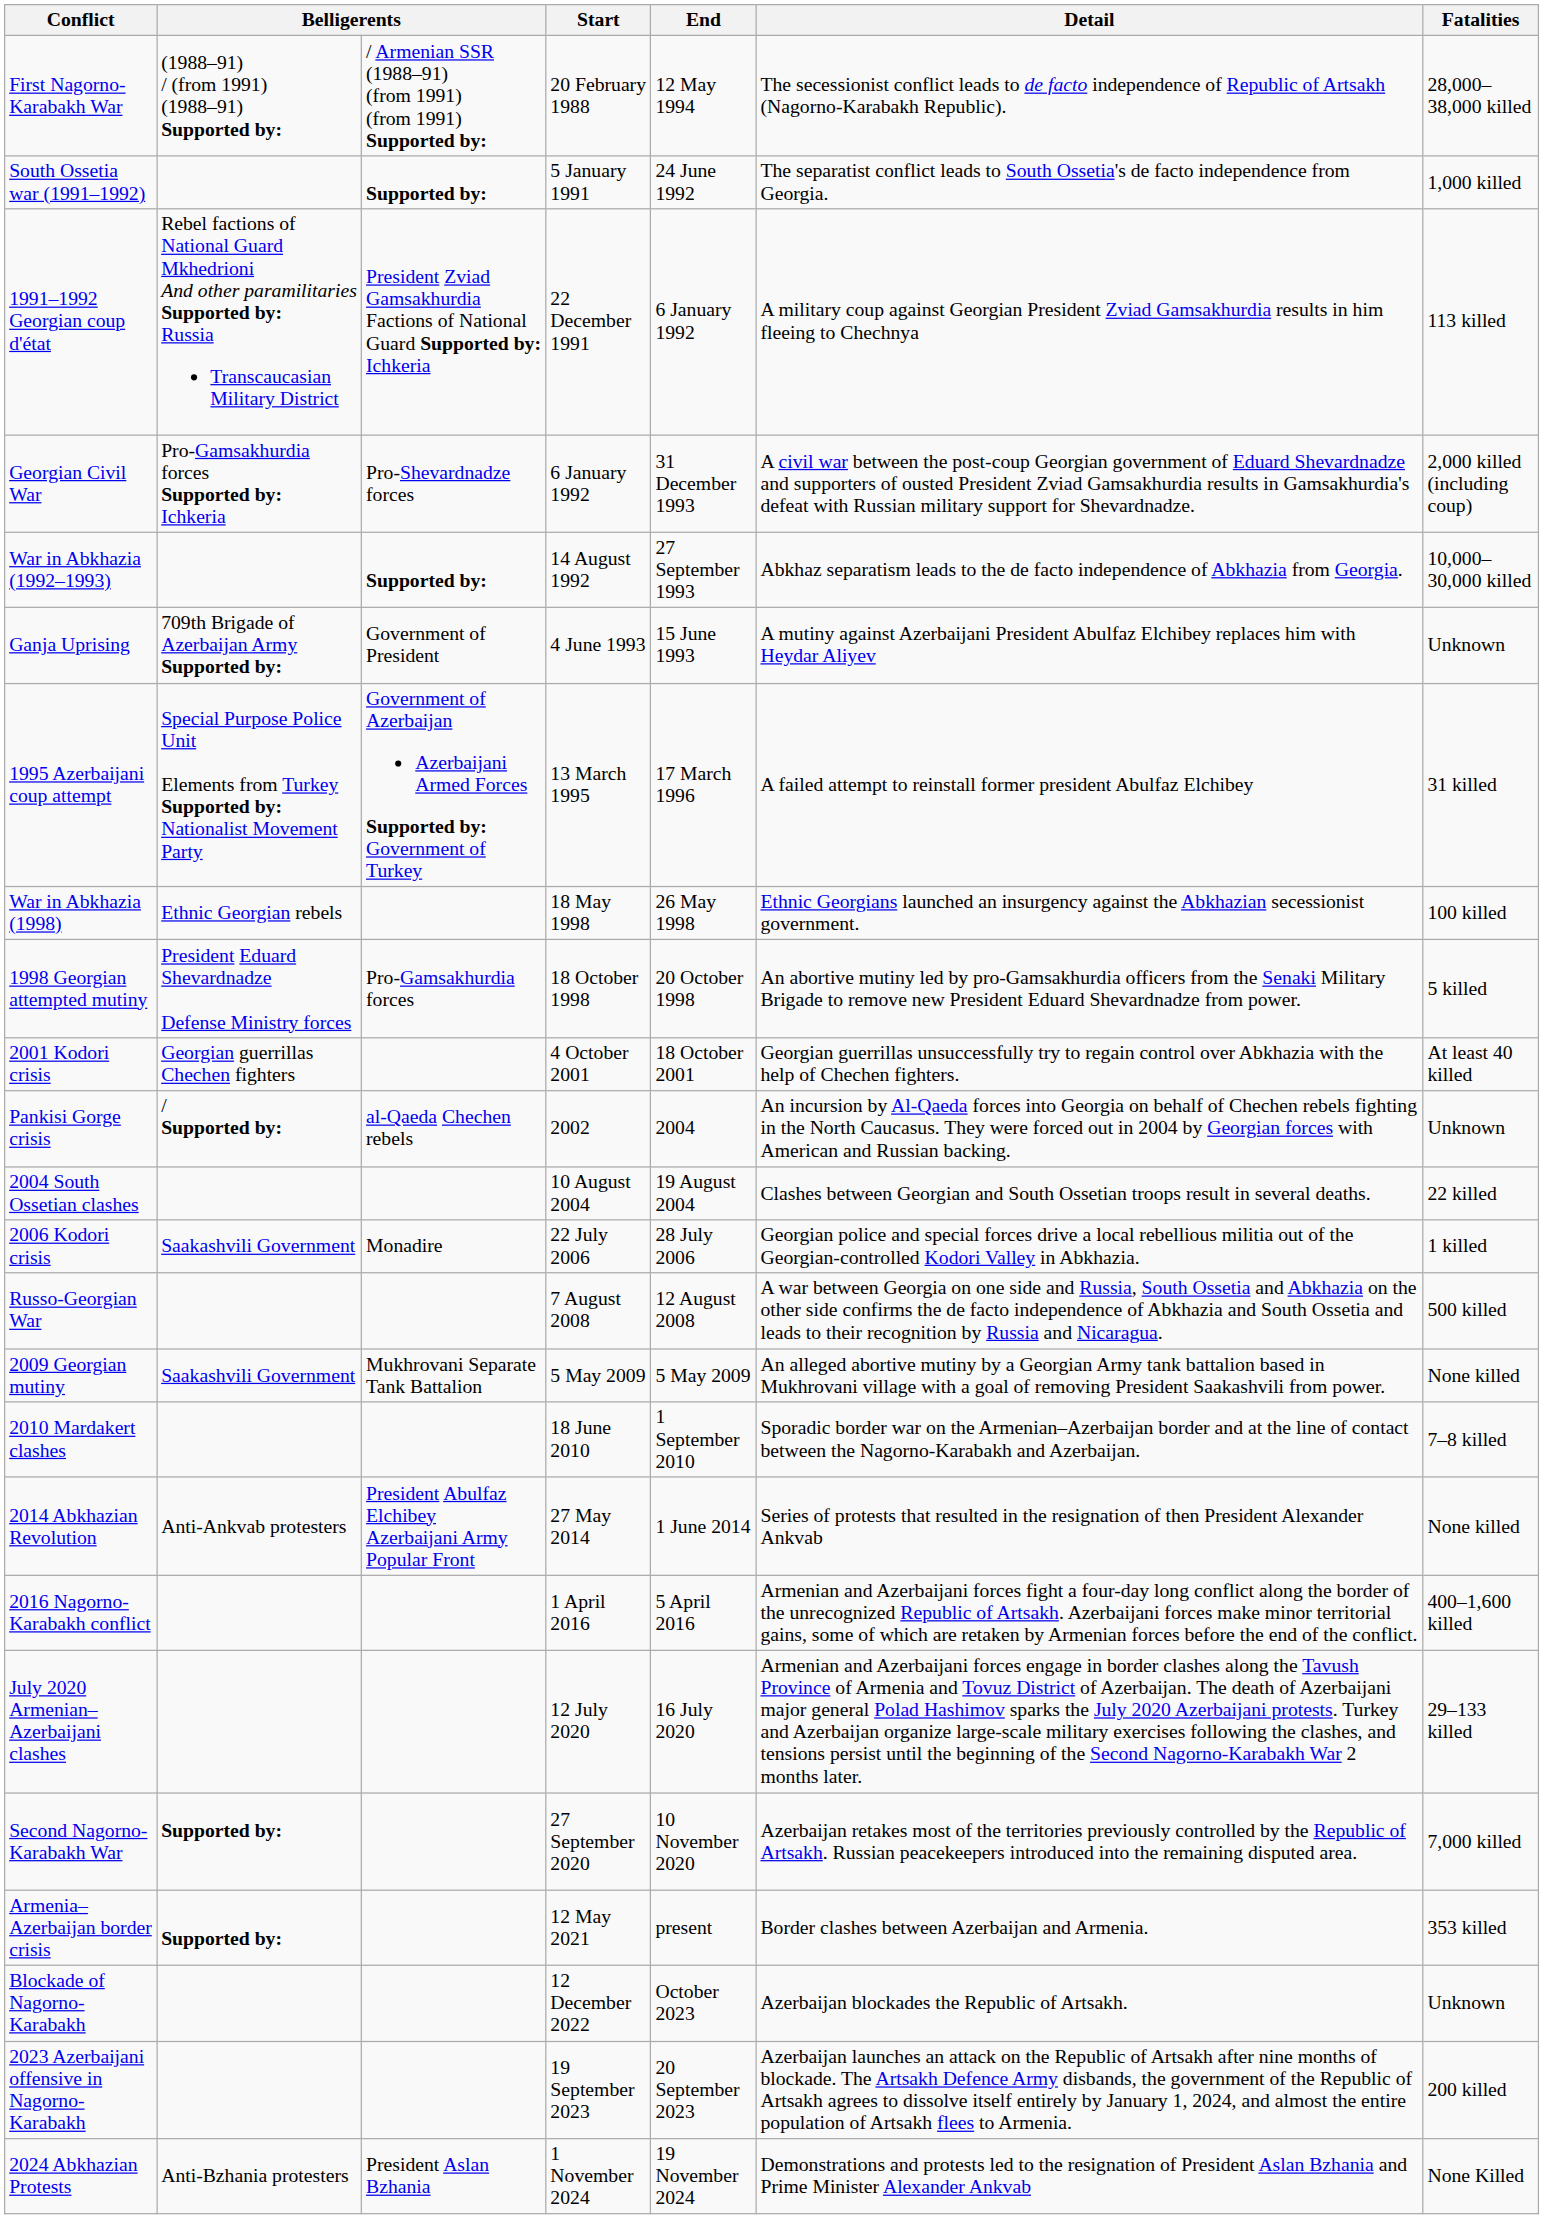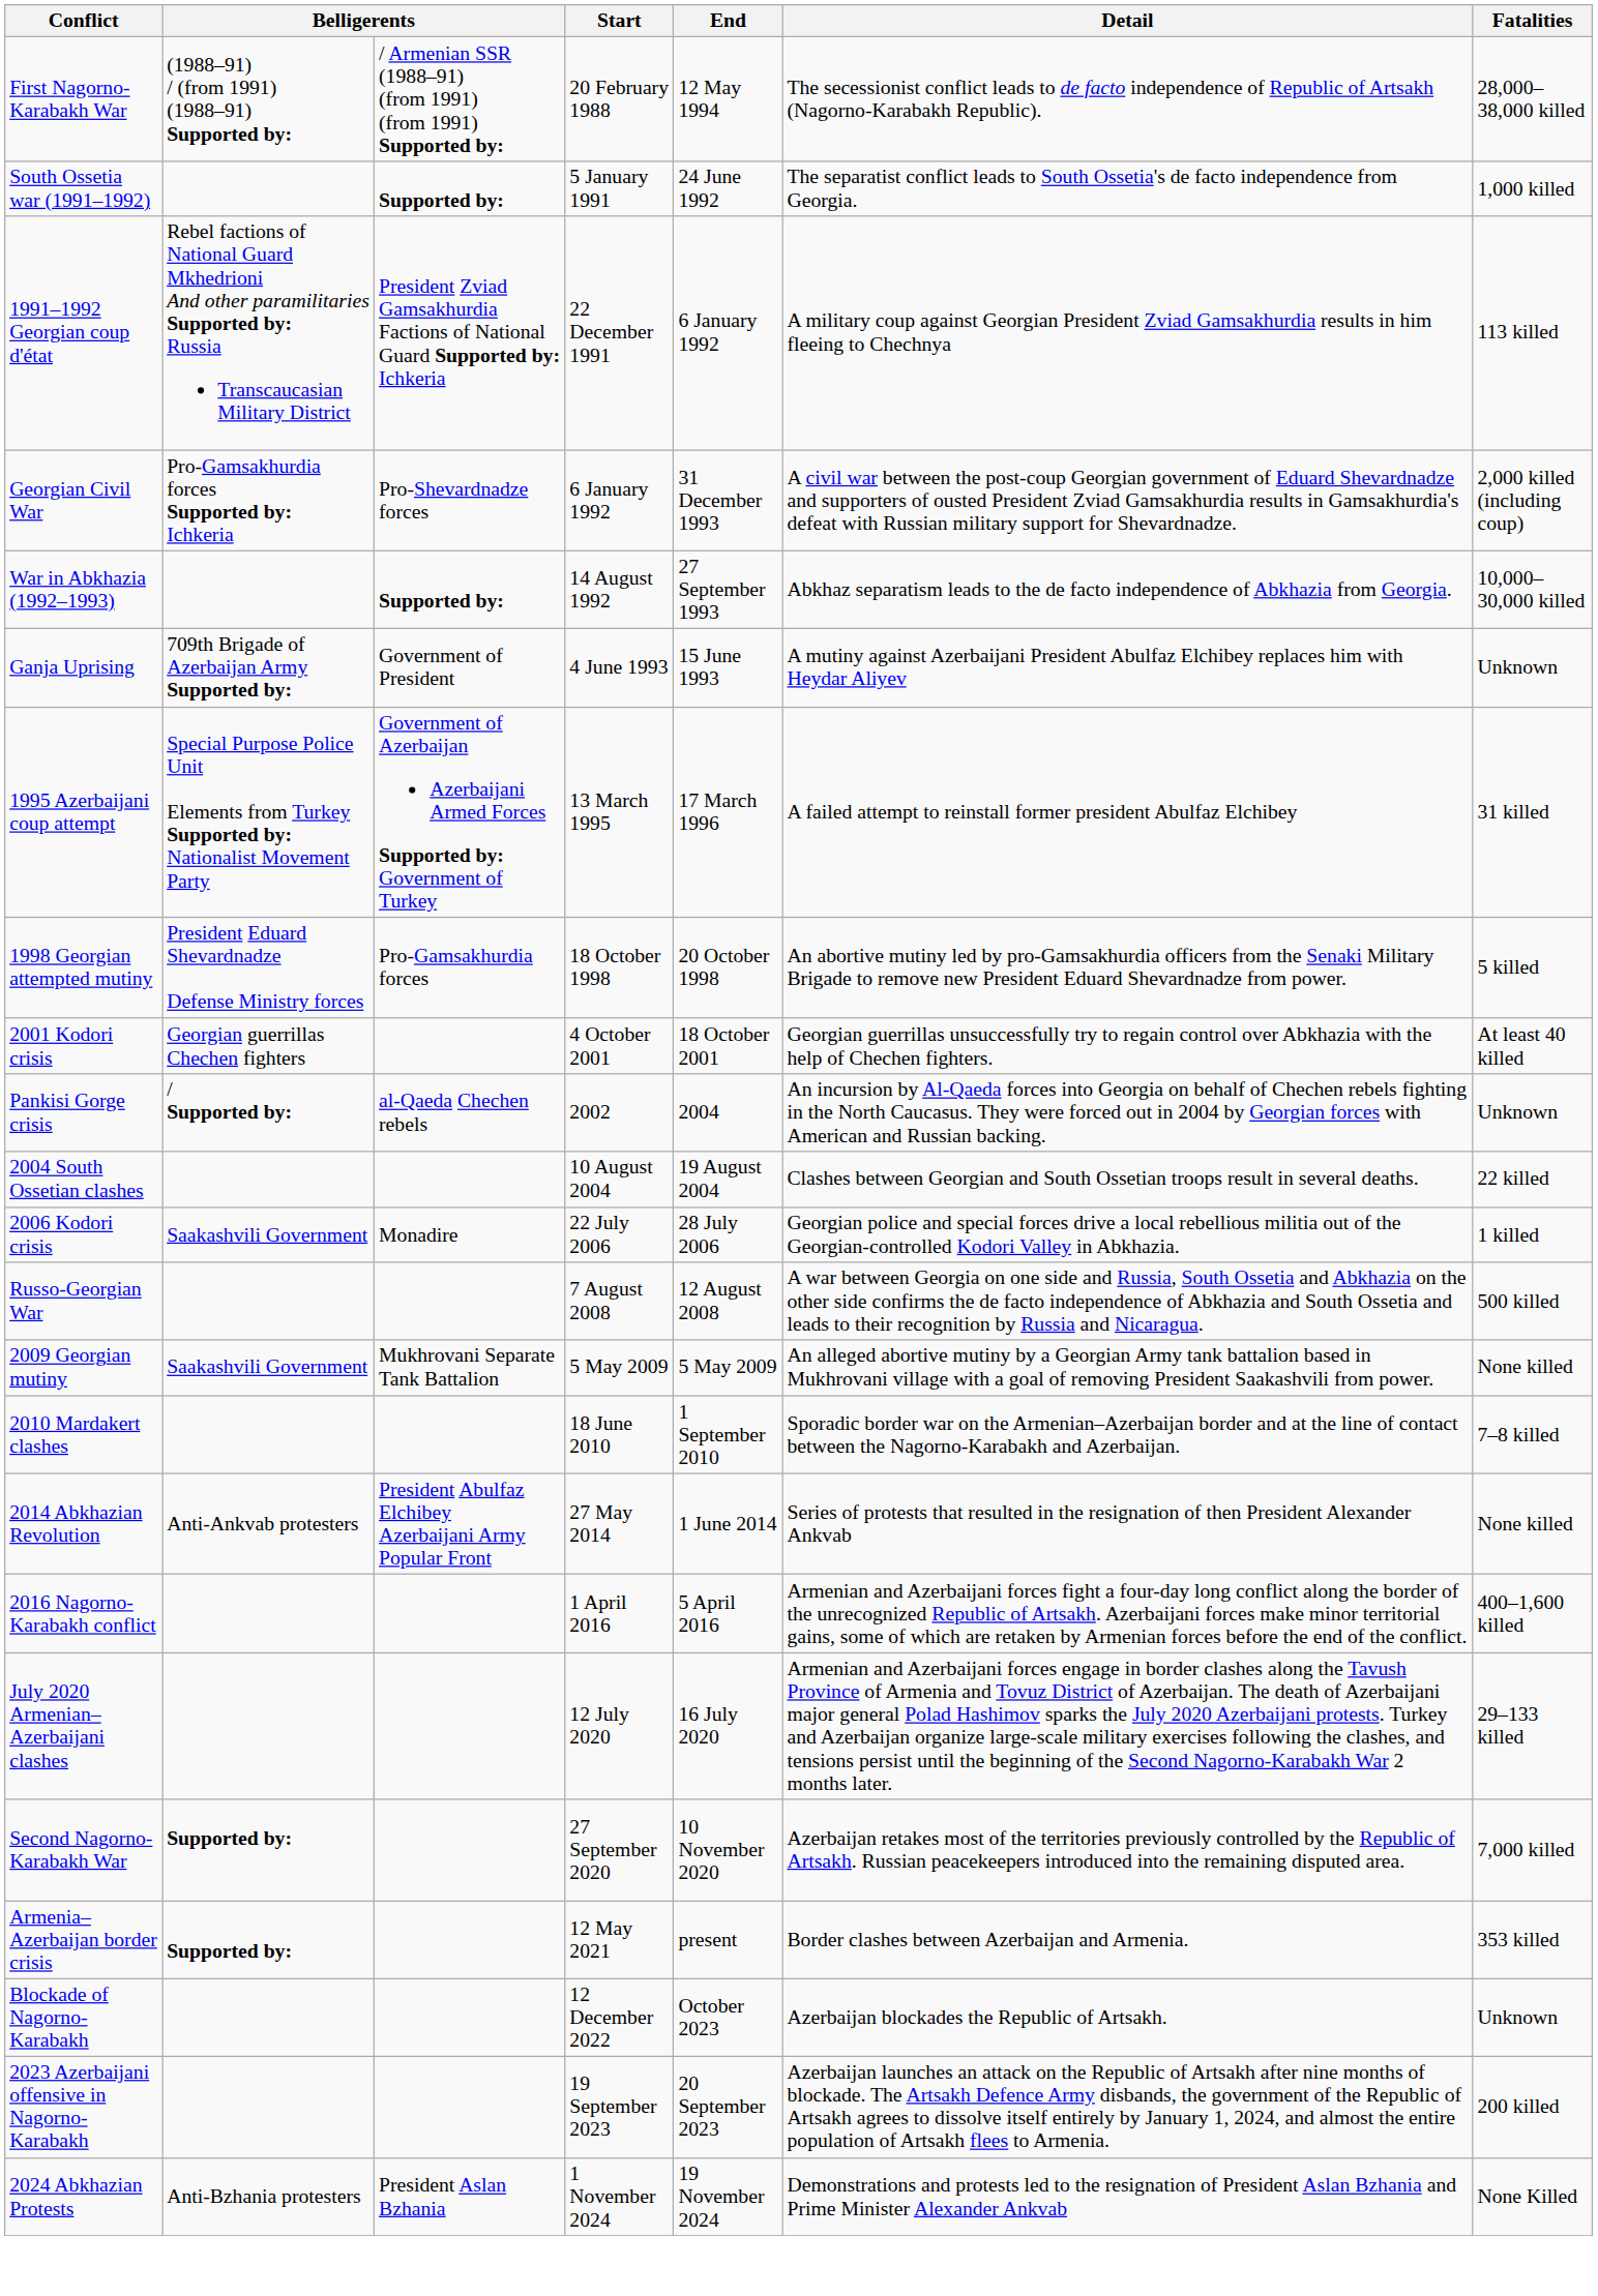 <table class="sortable wikitable">
 <tr bgcolor="#ececec" valign=top>
 <th>Conflict</th>
 <th colspan=2>Belligerents</th>
 <th>Start</th>
 <th>End</th>
 <th>Detail</th>
 <th>Fatalities</th>
 </tr>
 <tr>
 <td><a href='#'>First Nagorno-Karabakh War</a></td>
 <td> (1988–91)<br>/ (from 1991)<br> (1988–91)<br><strong>Supported by:</strong> <br> </td>
 <td>/ <a href='#'>Armenian SSR</a> (1988–91)<br> (from 1991)<br> (from 1991)<br><strong>Supported by:</strong><br></td>
 <td>20 February 1988</td>
 <td>12 May 1994</td>
 <td>The secessionist conflict leads to <em><a href='#'>de facto</a></em> independence of <a href='#'>Republic of Artsakh</a> (Nagorno-Karabakh Republic).</td>
 <td>28,000–38,000 killed</td>
 </tr>
 <tr>
 <td><a href='#'>South Ossetia war (1991–1992)</a></td>
 <td></td>
 <td><br><strong>Supported by:</strong><br></td>
 <td>5 January 1991</td>
 <td>24 June 1992</td>
 <td>The separatist conflict leads to <a href='#'>South Ossetia</a>'s de facto independence from Georgia.</td>
 <td>1,000 killed</td>
 </tr>
 <tr>
 <td><a href='#'>1991–1992 Georgian coup d'état</a></td>
 <td> Rebel factions of <a href='#'>National Guard</a><br> <a href='#'>Mkhedrioni</a><br> <em>And other paramilitaries</em> <strong>Supported by:</strong><br>  <a href='#'>Russia</a><ul><li><a href='#'>Transcaucasian Military District</a></li></ul></td>
 <td> <a href='#'>President</a> <a href='#'>Zviad Gamsakhurdia</a><br> Factions of National Guard <strong>Supported by:</strong><br>  <a href='#'>Ichkeria</a></td>
 <td>22 December 1991</td>
 <td>6 January 1992</td>
 <td>A military coup against Georgian President <a href='#'>Zviad Gamsakhurdia</a> results in him fleeing to Chechnya</td>
 <td>113 killed</td>
 </tr>
 <tr>
 <td><a href='#'>Georgian Civil War</a><br></td>
 <td> Pro-<a href='#'>Gamsakhurdia</a> forces<br><strong>Supported by:</strong><br> <a href='#'>Ichkeria</a></td>
 <td> Pro-<a href='#'>Shevardnadze</a> forces </td>
 <td>6 January 1992</td>
 <td>31 December 1993</td>
 <td>A <a href='#'>civil war</a> between the post-coup Georgian government of <a href='#'>Eduard Shevardnadze</a> and supporters of ousted President Zviad Gamsakhurdia results in Gamsakhurdia's defeat with Russian military support for Shevardnadze.</td>
 <td>2,000 killed (including coup)</td>
 </tr>
 <tr>
 <td><a href='#'>War in Abkhazia (1992–1993)</a></td>
 <td></td>
 <td><br><strong>Supported by:</strong><br></td>
 <td>14 August 1992</td>
 <td>27 September 1993</td>
 <td>Abkhaz separatism leads to the de facto independence of <a href='#'>Abkhazia</a> from <a href='#'>Georgia</a>.</td>
 <td>10,000–30,000 killed</td>
 </tr>
 <tr>
 <td><a href='#'>Ganja Uprising</a></td>
 <td> 709th Brigade of <a href='#'>Azerbaijan Army</a><br><strong>Supported by:</strong><br></td>
 <td>Government of President</td>
 <td>4 June 1993</td>
 <td>15 June 1993</td>
 <td>A mutiny against Azerbaijani President Abulfaz Elchibey replaces him with <a href='#'>Heydar Aliyev</a></td>
 <td>Unknown</td>
 </tr>
 <tr>
 <td><a href='#'>1995 Azerbaijani coup attempt</a></td>
 <td> <a href='#'>Special Purpose Police Unit</a><br><br> Elements from <a href='#'>Turkey</a><br> <strong>Supported by:</strong><br> <a href='#'>Nationalist Movement Party</a></td>
 <td> <a href='#'>Government of Azerbaijan</a><br><ul><li><a href='#'>Azerbaijani Armed Forces</a></li></ul><strong>Supported by:</strong><br> <a href='#'>Government of Turkey</a></td>
 <td>13 March 1995</td>
 <td>17 March 1996</td>
 <td>A failed attempt to reinstall former president Abulfaz Elchibey</td>
 <td>31 killed</td>
-</tr>
-<tr>
-<td><a href='#'>War in Abkhazia (1998)</a></td>
-<td> <a href='#'>Ethnic Georgian</a> rebels</td>
-<td></td>
-<td>18 May 1998</td>
-<td>26 May 1998</td>
-<td><a href='#'>Ethnic Georgians</a> launched an insurgency against the <a href='#'>Abkhazian</a> secessionist government.</td>
-<td>100 killed</td>
 </tr>
 <tr>
 <td><a href='#'>1998 Georgian attempted mutiny</a></td>
 <td> <a href='#'>President</a> <a href='#'>Eduard Shevardnadze</a><br><br><a href='#'>Defense Ministry forces</a></td>
 <td> Pro-<a href='#'>Gamsakhurdia</a> forces</td>
 <td>18 October 1998</td>
 <td>20 October 1998</td>
 <td>An abortive mutiny led by pro-Gamsakhurdia officers from the <a href='#'>Senaki</a> Military Brigade to remove new President Eduard Shevardnadze from power.</td>
 <td>5 killed</td>
 </tr>
 <tr>
 <td><a href='#'>2001 Kodori crisis</a></td>
 <td> <a href='#'>Georgian</a> guerrillas<br> <a href='#'>Chechen</a> fighters</td>
 <td></td>
 <td>4 October 2001</td>
 <td>18 October 2001</td>
 <td>Georgian guerrillas unsuccessfully try to regain control over Abkhazia with the help of Chechen fighters.</td>
 <td>At least 40 killed</td>
 </tr>
 <tr>
 <td><a href='#'>Pankisi Gorge crisis</a></td>
 <td>/ <br><strong>Supported by:</strong><br><br></td>
 <td> <a href='#'>al-Qaeda</a> <a href='#'>Chechen</a> rebels</td>
 <td>2002</td>
 <td>2004</td>
 <td>An incursion by <a href='#'>Al-Qaeda</a> forces into Georgia on behalf of Chechen rebels fighting in the North Caucasus. They were forced out in 2004 by <a href='#'>Georgian forces</a> with American and Russian backing.</td>
 <td>Unknown</td>
 </tr>
 <tr>
 <td><a href='#'>2004 South Ossetian clashes</a></td>
 <td></td>
 <td><br></td>
 <td>10 August 2004</td>
 <td>19 August 2004</td>
 <td>Clashes between Georgian and South Ossetian troops result in several deaths.</td>
 <td>22 killed</td>
 </tr>
 <tr>
 <td><a href='#'>2006 Kodori crisis</a></td>
 <td> <a href='#'>Saakashvili Government</a></td>
 <td> Monadire</td>
 <td>22 July 2006</td>
 <td>28 July 2006</td>
 <td>Georgian police and special forces drive a local rebellious militia out of the Georgian-controlled <a href='#'>Kodori Valley</a> in Abkhazia.</td>
 <td>1 killed</td>
 </tr>
 <tr>
 <td><a href='#'>Russo-Georgian War</a></td>
 <td></td>
 <td></td>
 <td>7 August 2008</td>
 <td>12 August 2008</td>
 <td>A war between Georgia on one side and <a href='#'>Russia</a>, <a href='#'>South Ossetia</a> and <a href='#'>Abkhazia</a> on the other side confirms the de facto independence of Abkhazia and South Ossetia and leads to their recognition by <a href='#'>Russia</a> and <a href='#'>Nicaragua</a>.</td>
 <td>500 killed</td>
 </tr>
 <tr>
 <td><a href='#'>2009 Georgian mutiny</a></td>
 <td> <a href='#'>Saakashvili Government</a></td>
 <td> Mukhrovani Separate Tank Battalion</td>
 <td>5 May 2009</td>
 <td>5 May 2009</td>
 <td>An alleged abortive mutiny by a Georgian Army tank battalion based in Mukhrovani village with a goal of removing President Saakashvili from power.</td>
 <td>None killed</td>
 </tr>
 <tr>
 <td><a href='#'>2010 Mardakert clashes</a></td>
 <td></td>
 <td></td>
 <td>18 June 2010</td>
 <td>1 September 2010</td>
 <td>Sporadic border war on the Armenian–Azerbaijan border and at the line of contact between the Nagorno-Karabakh and Azerbaijan.</td>
 <td>7–8 killed</td>
 </tr>
 <tr>
 <td><a href='#'>2014 Abkhazian Revolution</a></td>
 <td>Anti-Ankvab protesters</td>
 <td> <a href='#'>President</a> <a href='#'>Abulfaz Elchibey</a><br> <a href='#'>Azerbaijani Army</a><br>  <a href='#'>Popular Front</a></td>
 <td>27 May 2014</td>
 <td>1 June 2014</td>
 <td>Series of protests that resulted in the resignation of then President Alexander Ankvab</td>
 <td>None killed</td>
 </tr>
 <tr>
 <td><a href='#'>2016 Nagorno-Karabakh conflict</a></td>
 <td></td>
 <td></td>
 <td>1 April 2016</td>
 <td>5 April 2016</td>
 <td>Armenian and Azerbaijani forces fight a four-day long conflict along the border of the unrecognized <a href='#'>Republic of Artsakh</a>. Azerbaijani forces make minor territorial gains, some of which are retaken by Armenian forces before the end of the conflict.</td>
 <td>400–1,600 killed</td>
 </tr>
 <tr>
 <td><a href='#'>July 2020 Armenian–Azerbaijani clashes</a></td>
 <td></td>
 <td></td>
 <td>12 July 2020</td>
 <td>16 July 2020</td>
 <td>Armenian and Azerbaijani forces engage in border clashes along the <a href='#'>Tavush Province</a> of Armenia and <a href='#'>Tovuz District</a> of Azerbaijan. The death of Azerbaijani major general <a href='#'>Polad Hashimov</a> sparks the <a href='#'>July 2020 Azerbaijani protests</a>. Turkey and Azerbaijan organize large-scale military exercises following the clashes, and tensions persist until the beginning of the <a href='#'>Second Nagorno-Karabakh War</a> 2 months later.</td>
 <td>29–133 killed</td>
 </tr>
 <tr>
 <td><a href='#'>Second Nagorno-Karabakh War</a></td>
 <td><br><strong>Supported by:</strong><br><br><br></td>
 <td></td>
 <td>27 September 2020</td>
 <td>10 November 2020</td>
 <td>Azerbaijan retakes most of the territories previously controlled by the <a href='#'>Republic of Artsakh</a>. Russian peacekeepers introduced into the remaining disputed area.</td>
 <td>7,000 killed</td>
 </tr>
 <tr>
 <td><a href='#'>Armenia–Azerbaijan border crisis</a></td>
 <td><br><strong>Supported by:</strong><br></td>
 <td></td>
 <td>12 May 2021</td>
 <td>present</td>
 <td>Border clashes between Azerbaijan and Armenia.</td>
 <td>353 killed</td>
 </tr>
 <tr>
 <td><a href='#'>Blockade of Nagorno-Karabakh</a></td>
 <td></td>
 <td></td>
 <td>12 December 2022</td>
 <td>October 2023</td>
 <td>Azerbaijan blockades the Republic of Artsakh.</td>
 <td>Unknown</td>
 </tr>
 <tr>
 <td><a href='#'>2023 Azerbaijani offensive in Nagorno-Karabakh</a></td>
 <td></td>
 <td></td>
 <td>19 September 2023</td>
 <td>20 September 2023</td>
 <td>Azerbaijan launches an attack on the Republic of Artsakh after nine months of blockade. The <a href='#'>Artsakh Defence Army</a> disbands, the government of the Republic of Artsakh agrees to dissolve itself entirely by January 1, 2024, and almost the entire population of Artsakh <a href='#'>flees</a> to Armenia.</td>
 <td>200 killed</td>
 </tr>
 <tr>
 <td><a href='#'>2024 Abkhazian Protests</a></td>
 <td>Anti-Bzhania protesters</td>
 <td>President <a href='#'>Aslan Bzhania</a></td>
 <td>1 November 2024</td>
 <td>19 November 2024</td>
 <td>Demonstrations and protests led to the resignation of President <a href='#'>Aslan Bzhania</a> and Prime Minister <a href='#'>Alexander Ankvab</a></td>
 <td>None Killed</td>
 </tr>
 </table>
